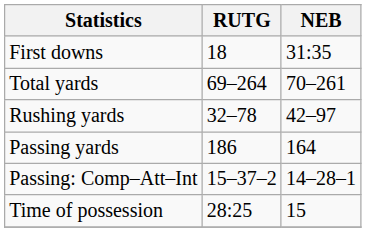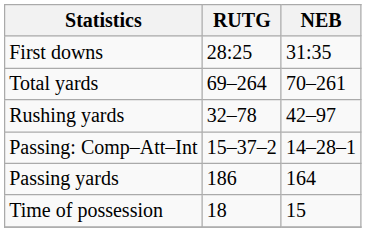 <table class="wikitable" style="float: left;">
 <tr>
 <th>Statistics</th>
 <th>RUTG</th>
 <th>NEB</th>
 </tr>
 <tr>
 <td>First downs</td>
-<td>18</td>
+<td>28:25</td>
 <td>31:35</td>
 </tr>
 <tr>
 <td>Total yards</td>
 <td>69–264</td>
 <td>70–261</td>
 </tr>
 <tr>
 <td>Rushing yards</td>
 <td>32–78</td>
 <td>42–97</td>
 </tr>
 <tr>
+<td>Passing: Comp–Att–Int</td>
+<td>15–37–2</td>
+<td>14–28–1</td>
+</tr>
+<tr>
 <td>Passing yards</td>
 <td>186</td>
 <td>164</td>
 </tr>
 <tr>
-<td>Passing: Comp–Att–Int</td>
-<td>15–37–2</td>
-<td>14–28–1</td>
-</tr>
-<tr>
 <td>Time of possession</td>
-<td>28:25</td>
+<td>18</td>
 <td>15</td>
 </tr>
 <tr>
 </tr>
 </table>
